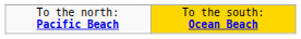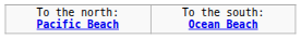 <table class="wikitable" style="margin: 0.5em auto; clear: both; font-size:95%;">
 <tr style="text-align: center;">
 </tr>
 <tr style="text-align: center;">
 <td width="30%" align="center" rowspan="1">To the north:<br><strong><a href='#'>Pacific Beach</a></strong><br></td>
-<td width="30%" align="center" rowspan="1" style="background: gold;">To the south:<br><strong><a href='#'>Ocean Beach</a></strong></td>
+<td width="30%" align="center" rowspan="1">To the south:<br><strong><a href='#'>Ocean Beach</a></strong></td>
 </tr>
 </table>
